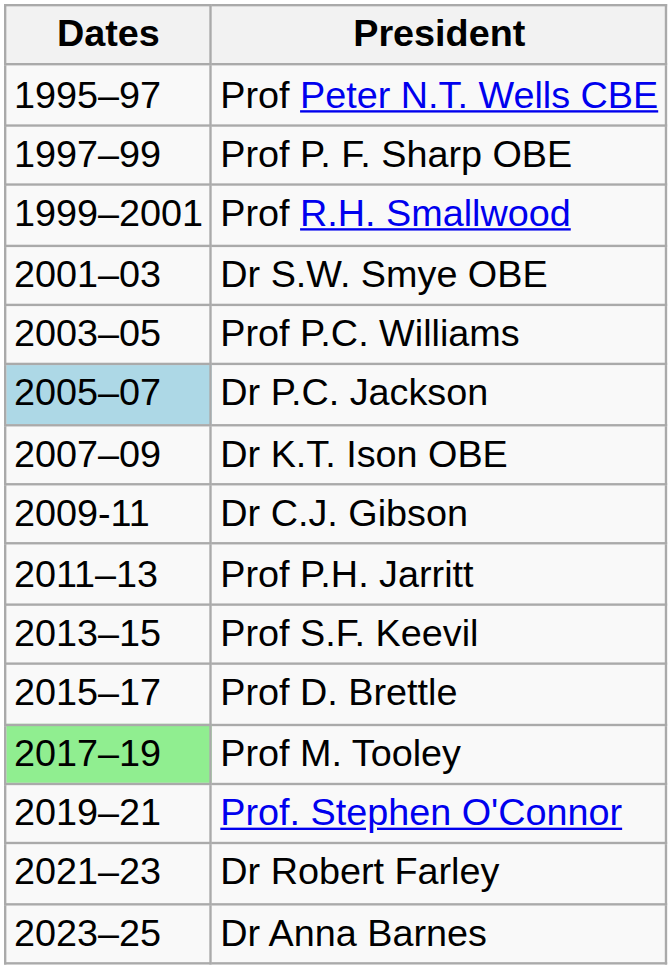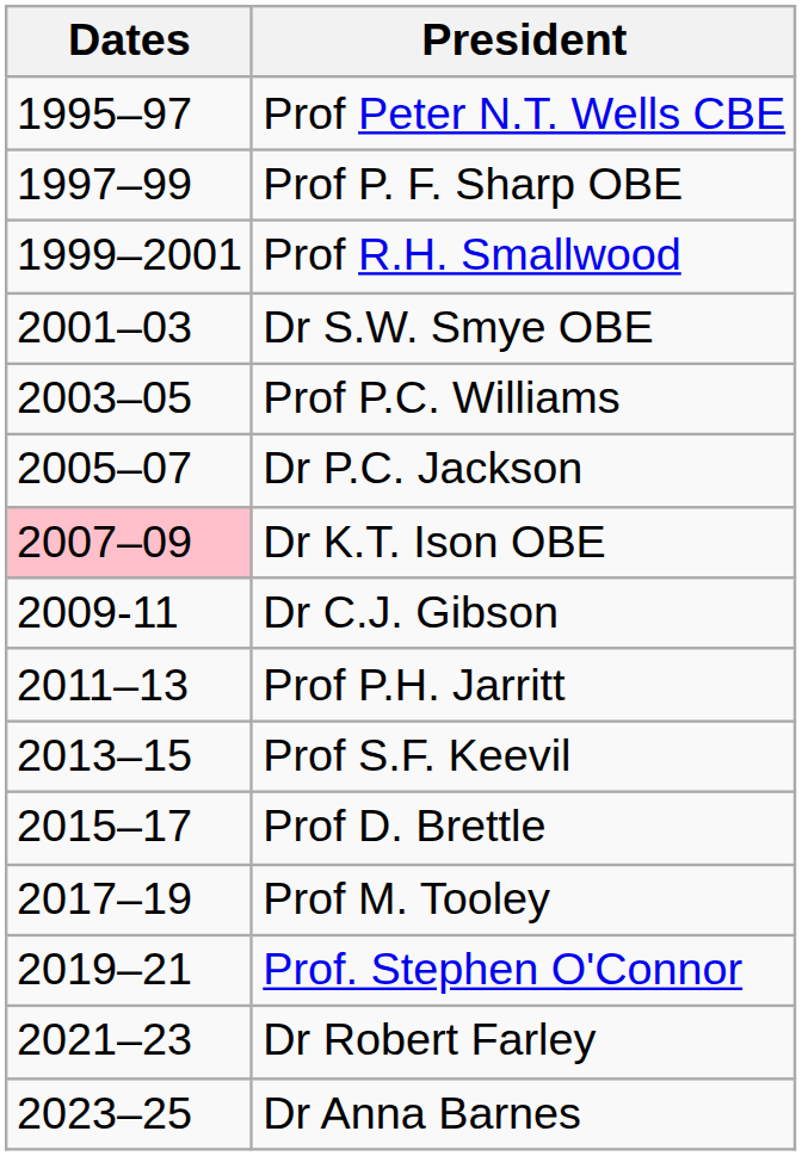 <table class="wikitable">
 <tr>
 <th>Dates</th>
 <th>President</th>
 </tr>
 <tr>
 <td>1995–97</td>
 <td>Prof <a href='#'>Peter N.T. Wells CBE</a></td>
 </tr>
 <tr>
 <td>1997–99</td>
 <td>Prof P. F. Sharp OBE</td>
 </tr>
 <tr>
 <td>1999–2001</td>
 <td>Prof <a href='#'>R.H. Smallwood</a></td>
 </tr>
 <tr>
 <td>2001–03</td>
 <td>Dr S.W. Smye OBE</td>
 </tr>
 <tr>
 <td>2003–05</td>
 <td>Prof P.C. Williams</td>
 </tr>
 <tr>
-<td style="background: lightblue;">2005–07</td>
+<td>2005–07</td>
 <td>Dr P.C. Jackson</td>
 </tr>
 <tr>
-<td>2007–09</td>
+<td style="background: pink;">2007–09</td>
 <td>Dr K.T. Ison OBE</td>
 </tr>
 <tr>
 <td>2009-11</td>
 <td>Dr C.J. Gibson</td>
 </tr>
 <tr>
 <td>2011–13</td>
 <td>Prof P.H. Jarritt</td>
 </tr>
 <tr>
 <td>2013–15</td>
 <td>Prof S.F. Keevil</td>
 </tr>
 <tr>
 <td>2015–17</td>
 <td>Prof D. Brettle</td>
 </tr>
 <tr>
-<td style="background: lightgreen;">2017–19</td>
+<td>2017–19</td>
 <td>Prof M. Tooley</td>
 </tr>
 <tr>
 <td>2019–21</td>
 <td><a href='#'>Prof. Stephen O'Connor</a></td>
 </tr>
 <tr>
 <td>2021–23</td>
 <td>Dr Robert Farley</td>
 </tr>
 <tr>
 <td>2023–25</td>
 <td>Dr Anna Barnes</td>
 </tr>
 </table>
